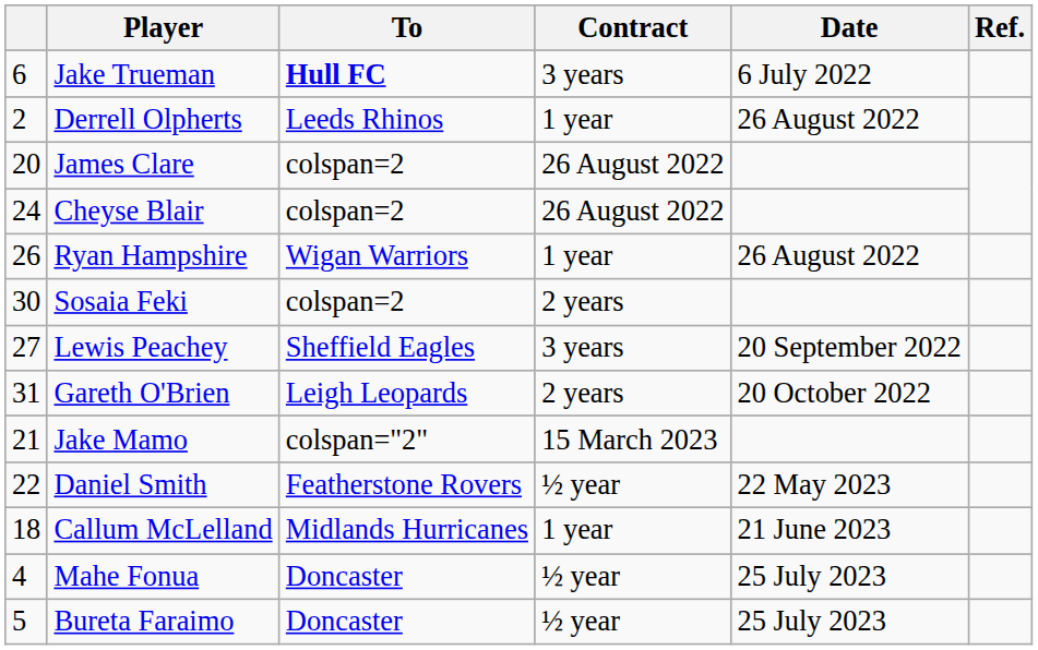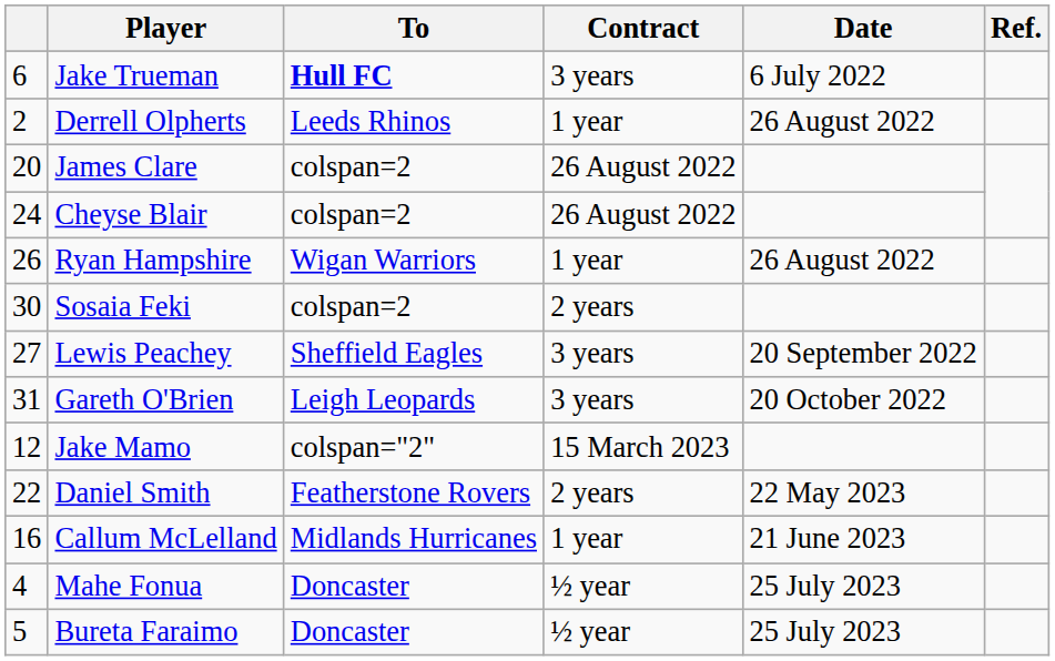 <table class="wikitable defaultleft col1center">
 <tr>
 <th></th>
 <th>Player</th>
 <th>To</th>
 <th>Contract</th>
 <th>Date</th>
 <th>Ref.</th>
 </tr>
 <tr>
 <td>6</td>
 <td> <a href='#'>Jake Trueman</a></td>
 <td><strong> <a href='#'>Hull FC</a></strong></td>
 <td>3 years</td>
 <td>6 July 2022</td>
 <td></td>
 </tr>
 <tr>
 <td>2</td>
 <td> <a href='#'>Derrell Olpherts</a></td>
 <td> <a href='#'>Leeds Rhinos</a></td>
 <td>1 year</td>
 <td>26 August 2022</td>
 <td></td>
 </tr>
 <tr>
 <td>20</td>
 <td> <a href='#'>James Clare</a></td>
 <td>colspan=2 </td>
 <td>26 August 2022</td>
 <td></td>
 </tr>
 <tr>
 <td>24</td>
 <td> <a href='#'>Cheyse Blair</a></td>
 <td>colspan=2 </td>
 <td>26 August 2022</td>
 <td></td>
 </tr>
 <tr>
 <td>26</td>
 <td> <a href='#'>Ryan Hampshire</a></td>
 <td> <a href='#'>Wigan Warriors</a></td>
 <td>1 year</td>
 <td>26 August 2022</td>
 <td></td>
 </tr>
 <tr>
 <td>30</td>
 <td> <a href='#'>Sosaia Feki</a></td>
 <td>colspan=2 </td>
 <td>2 years</td>
 <td></td>
 </tr>
 <tr>
 <td>27</td>
 <td> <a href='#'>Lewis Peachey</a></td>
 <td> <a href='#'>Sheffield Eagles</a></td>
 <td>3 years</td>
 <td>20 September 2022</td>
 <td></td>
 </tr>
 <tr>
 <td>31</td>
 <td> <a href='#'>Gareth O'Brien</a></td>
 <td> <a href='#'>Leigh Leopards</a></td>
-<td>2 years</td>
+<td>3 years</td>
 <td>20 October 2022</td>
 <td></td>
 </tr>
 <tr>
-<td>21</td>
+<td>12</td>
 <td> <a href='#'>Jake Mamo</a></td>
 <td>colspan="2" </td>
 <td>15 March 2023</td>
 <td></td>
 </tr>
 <tr>
 <td>22</td>
 <td> <a href='#'>Daniel Smith</a></td>
 <td> <a href='#'>Featherstone Rovers</a></td>
-<td>½ year</td>
+<td>2 years</td>
 <td>22 May 2023</td>
 <td></td>
 </tr>
 <tr>
-<td>18</td>
+<td>16</td>
 <td> <a href='#'>Callum McLelland</a></td>
 <td> <a href='#'>Midlands Hurricanes</a></td>
 <td>1 year</td>
 <td>21 June 2023</td>
 <td></td>
 </tr>
 <tr>
 <td>4</td>
 <td> <a href='#'>Mahe Fonua</a></td>
 <td> <a href='#'>Doncaster</a></td>
 <td>½ year</td>
 <td>25 July 2023</td>
 <td></td>
 </tr>
 <tr>
 <td>5</td>
 <td> <a href='#'>Bureta Faraimo</a></td>
 <td> <a href='#'>Doncaster</a></td>
 <td>½ year</td>
 <td>25 July 2023</td>
 <td></td>
 </tr>
 </table>
